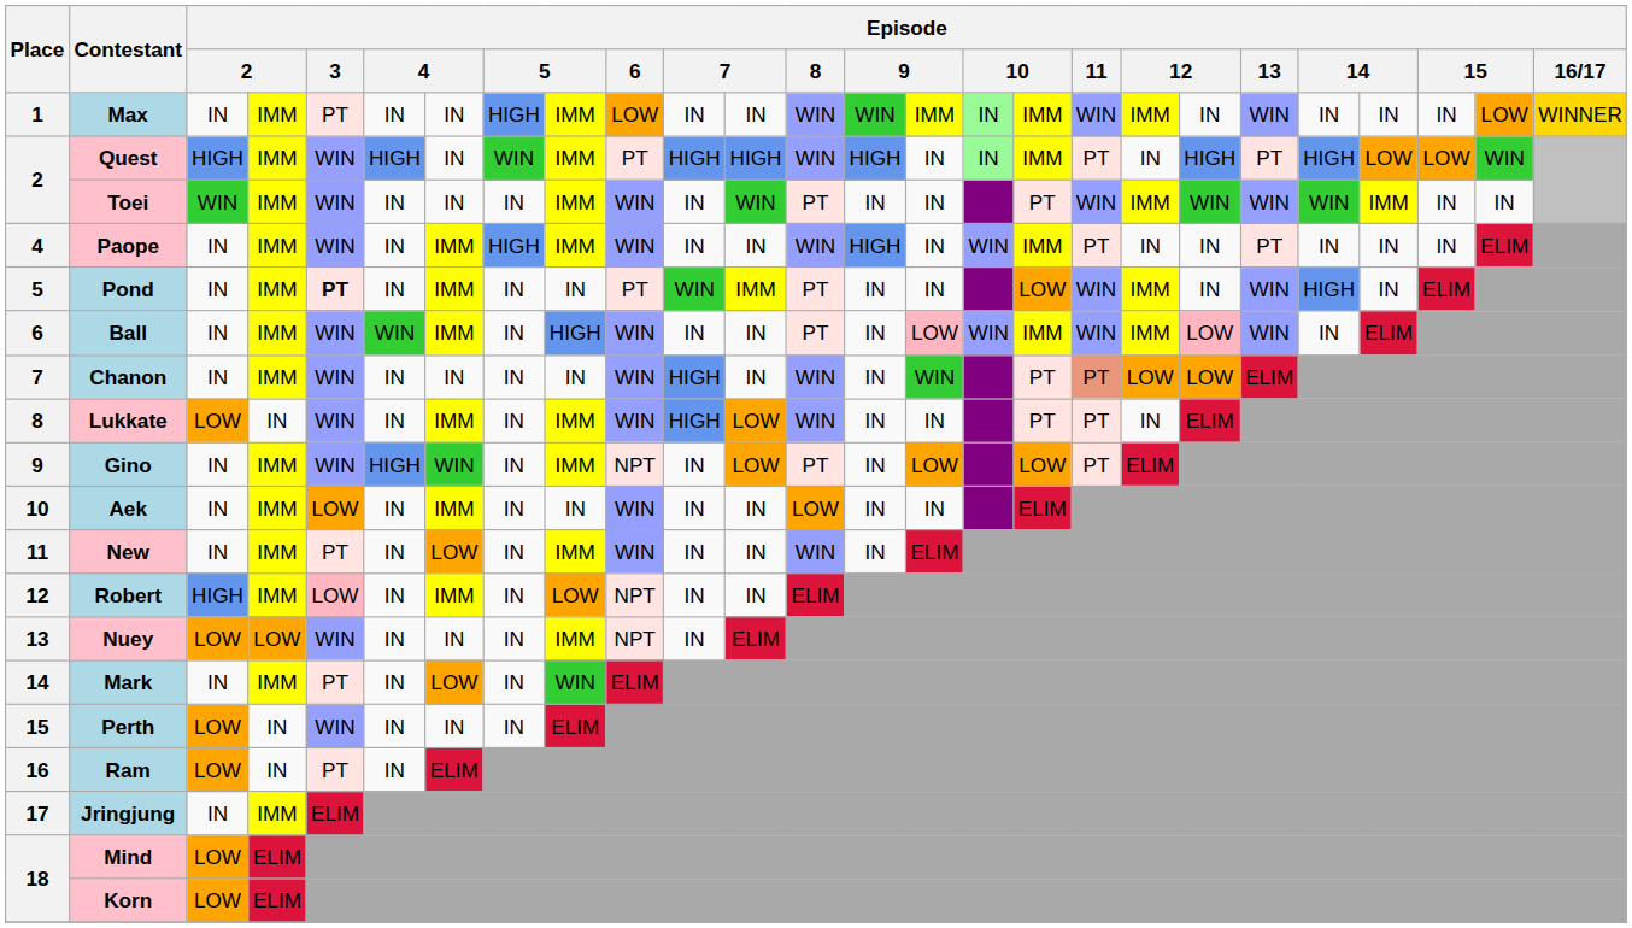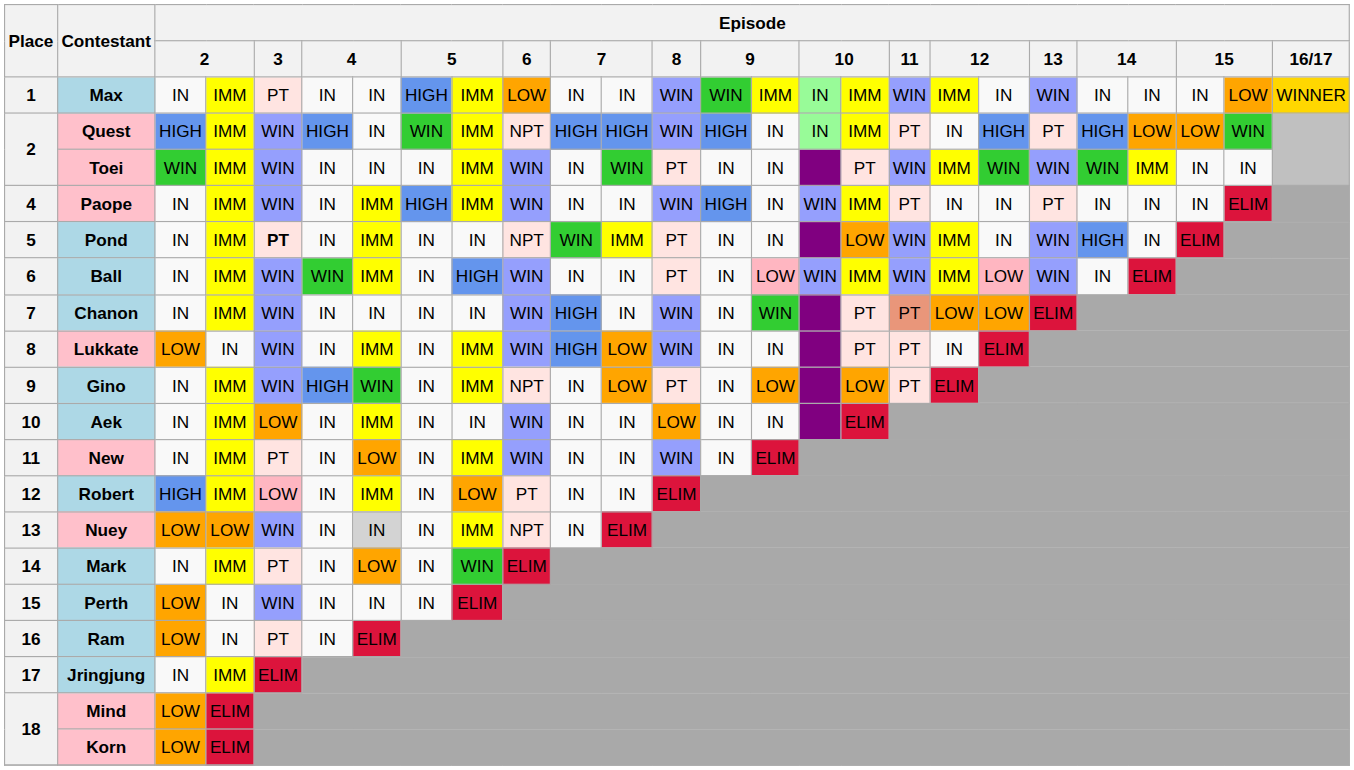 <table class="wikitable" style="text-align: center; font-size:95%; line-height:25px;">
 <tr>
 <th rowspan="2">Place</th>
 <th rowspan=2>Contestant</th>
 <th colspan="30">Episode</th>
 </tr>
 <tr>
 <th colspan=2>2</th>
 <th colspan=1>3</th>
 <th colspan=2>4</th>
 <th colspan=2>5</th>
 <th colspan=1>6</th>
 <th colspan=2>7</th>
 <th colspan=1>8</th>
 <th colspan=2>9</th>
 <th colspan=2>10</th>
 <th colspan=1>11</th>
 <th colspan=2>12</th>
 <th colspan=1>13</th>
 <th colspan=2>14</th>
 <th colspan=2>15</th>
 <th colspan=1>16/17</th>
 </tr>
 <tr>
 <th>1</th>
 <th style="background:lightblue;">Max</th>
 <td>IN</td>
 <td style="background:yellow;">IMM</td>
 <td style="background:mistyrose;">PT</td>
 <td>IN</td>
 <td>IN</td>
 <td style="background:cornflowerblue;">HIGH</td>
 <td style="background:yellow;">IMM</td>
 <td style="background:orange;">LOW</td>
 <td>IN</td>
 <td>IN</td>
 <td style="background:#959FFD;">WIN</td>
 <td style="background:limegreen;">WIN</td>
 <td style="background:yellow;">IMM</td>
 <td style="background:palegreen;">IN</td>
 <td style="background:yellow;">IMM</td>
 <td style="background:#959FFD;">WIN</td>
 <td style="background:yellow;">IMM</td>
 <td>IN</td>
 <td style="background:#959FFD;">WIN</td>
 <td>IN</td>
 <td>IN</td>
 <td>IN</td>
 <td style="background:orange;">LOW</td>
 <td bgcolor="gold">WINNER</td>
 </tr>
 <tr>
 <th rowspan=2>2</th>
 <th style="background:pink;">Quest</th>
 <td style="background:cornflowerblue;">HIGH</td>
 <td style="background:yellow;">IMM</td>
 <td style="background:#959FFD;">WIN</td>
 <td style="background:cornflowerblue;">HIGH</td>
 <td>IN</td>
 <td style="background:limegreen;">WIN</td>
 <td style="background:yellow;">IMM</td>
-<td style="background:mistyrose;">PT</td>
+<td style="background:mistyrose;">NPT</td>
 <td style="background:cornflowerblue;">HIGH</td>
 <td style="background:cornflowerblue;">HIGH</td>
 <td style="background:#959FFD;">WIN</td>
 <td style="background:cornflowerblue;">HIGH</td>
 <td>IN</td>
 <td style="background:palegreen;">IN</td>
 <td style="background:yellow;">IMM</td>
 <td style="background:mistyrose;">PT</td>
 <td>IN</td>
 <td style="background:cornflowerblue;">HIGH</td>
 <td style="background:mistyrose;">PT</td>
 <td style="background:cornflowerblue;">HIGH</td>
 <td style="background:orange;">LOW</td>
 <td style="background:orange;">LOW</td>
 <td style="background:limegreen;">WIN</td>
 <td rowspan=2 bgcolor="silver"></td>
 </tr>
 <tr>
 <th style="background:pink;">Toei</th>
 <td style="background:limegreen;">WIN</td>
 <td style="background:yellow;">IMM</td>
 <td style="background:#959FFD;">WIN</td>
 <td>IN</td>
 <td>IN</td>
 <td>IN</td>
 <td style="background:yellow;">IMM</td>
 <td style="background:#959FFD;">WIN</td>
 <td>IN</td>
 <td style="background:limegreen;">WIN</td>
 <td style="background:mistyrose;">PT</td>
 <td>IN</td>
 <td>IN</td>
 <td style="background:purple;"></td>
 <td style="background:mistyrose;">PT</td>
 <td style="background:#959FFD;">WIN</td>
 <td style="background:yellow;">IMM</td>
 <td style="background:limegreen;">WIN</td>
 <td style="background:#959FFD;">WIN</td>
 <td style="background:limegreen;">WIN</td>
 <td style="background:yellow;">IMM</td>
 <td>IN</td>
 <td style="background:">IN</td>
 </tr>
 <tr>
 <th>4</th>
 <th style="background:pink;">Paope</th>
 <td>IN</td>
 <td style="background:yellow;">IMM</td>
 <td style="background:#959FFD;">WIN</td>
 <td>IN</td>
 <td style="background:yellow;">IMM</td>
 <td style="background:cornflowerblue;">HIGH</td>
 <td style="background:yellow;">IMM</td>
 <td style="background:#959FFD;">WIN</td>
 <td>IN</td>
 <td>IN</td>
 <td style="background:#959FFD;">WIN</td>
 <td style="background:cornflowerblue;">HIGH</td>
 <td>IN</td>
 <td style="background:#959FFD;">WIN</td>
 <td style="background:yellow;">IMM</td>
 <td style="background:mistyrose;">PT</td>
 <td>IN</td>
 <td>IN</td>
 <td style="background:mistyrose;">PT</td>
 <td>IN</td>
 <td>IN</td>
 <td>IN</td>
 <td style="background:crimson;">ELIM</td>
 <td colspan="99" style="background:darkgrey;"></td>
 </tr>
 <tr>
 <th>5</th>
 <th style="background:lightblue;">Pond</th>
 <td>IN</td>
 <td style="background:yellow;">IMM</td>
 <td style="background:mistyrose;"><strong>PT</strong></td>
 <td>IN</td>
 <td style="background:yellow;">IMM</td>
 <td>IN</td>
 <td>IN</td>
-<td style="background:mistyrose;">PT</td>
+<td style="background:mistyrose;">NPT</td>
 <td style="background:limegreen;">WIN</td>
 <td style="background:yellow;">IMM</td>
 <td style="background:mistyrose;">PT</td>
 <td>IN</td>
 <td>IN</td>
 <td style="background:purple;"></td>
 <td style="background:orange;">LOW</td>
 <td style="background:#959FFD;">WIN</td>
 <td style="background:yellow;">IMM</td>
 <td>IN</td>
 <td style="background:#959FFD;">WIN</td>
 <td style="background:cornflowerblue;">HIGH</td>
 <td>IN</td>
 <td style="background:crimson;">ELIM</td>
 <td colspan="99" style="background:darkgrey;"></td>
 </tr>
 <tr>
 <th>6</th>
 <th style="background:lightblue;">Ball</th>
 <td>IN</td>
 <td style="background:yellow;">IMM</td>
 <td style="background:#959FFD;">WIN</td>
 <td style="background:limegreen;">WIN</td>
 <td style="background:yellow;">IMM</td>
 <td>IN</td>
 <td style="background:cornflowerblue;">HIGH</td>
 <td style="background:#959FFD;">WIN</td>
 <td>IN</td>
 <td>IN</td>
 <td style="background:mistyrose;">PT</td>
 <td>IN</td>
 <td style="background:lightpink;">LOW</td>
 <td style="background:#959FFD;">WIN</td>
 <td style="background:yellow;">IMM</td>
 <td style="background:#959FFD;">WIN</td>
 <td style="background:yellow;">IMM</td>
 <td style="background:lightpink;">LOW</td>
 <td style="background:#959FFD;">WIN</td>
 <td>IN</td>
 <td style="background:crimson;">ELIM</td>
 <td colspan="99" style="background:darkgrey;"></td>
 </tr>
 <tr>
 <th>7</th>
 <th style="background:lightblue;">Chanon</th>
 <td>IN</td>
 <td style="background:yellow;">IMM</td>
 <td style="background:#959FFD;">WIN</td>
 <td>IN</td>
 <td>IN</td>
 <td>IN</td>
 <td>IN</td>
 <td style="background:#959FFD;">WIN</td>
 <td style="background:cornflowerblue;">HIGH</td>
 <td>IN</td>
 <td style="background:#959FFD;">WIN</td>
 <td>IN</td>
 <td style="background:limegreen;">WIN</td>
 <td style="background:purple;"></td>
 <td style="background:mistyrose;">PT</td>
 <td style="background:darksalmon;">PT</td>
 <td style="background:orange;">LOW</td>
 <td style="background:orange;">LOW</td>
 <td style="background:crimson;">ELIM</td>
 <td colspan="99" style="background:darkgrey;"></td>
 </tr>
 <tr>
 <th>8</th>
 <th style="background:pink;">Lukkate</th>
 <td style="background:orange;">LOW</td>
 <td>IN</td>
 <td style="background:#959FFD;">WIN</td>
 <td>IN</td>
 <td style="background:yellow;">IMM</td>
 <td>IN</td>
 <td style="background:yellow;">IMM</td>
 <td style="background:#959FFD;">WIN</td>
 <td style="background:cornflowerblue;">HIGH</td>
 <td style="background:orange;">LOW</td>
 <td style="background:#959FFD;">WIN</td>
 <td>IN</td>
 <td>IN</td>
 <td style="background:purple;"></td>
 <td style="background:mistyrose;">PT</td>
 <td style="background:mistyrose;">PT</td>
 <td>IN</td>
 <td style="background:crimson;">ELIM</td>
 <td colspan="99" style="background:darkgrey;"></td>
 </tr>
 <tr>
 <th>9</th>
 <th style="background:lightblue;">Gino</th>
 <td>IN</td>
 <td style="background:yellow;">IMM</td>
 <td style="background:#959FFD;">WIN</td>
 <td style="background:cornflowerblue;">HIGH</td>
 <td style="background:limegreen;">WIN</td>
 <td>IN</td>
 <td style="background:yellow;">IMM</td>
 <td style="background:mistyrose;">NPT</td>
 <td>IN</td>
 <td style="background:orange;">LOW</td>
 <td style="background:mistyrose;">PT</td>
 <td>IN</td>
 <td style="background:orange;">LOW</td>
 <td style="background:purple;"></td>
 <td style="background:orange;">LOW</td>
 <td style="background:mistyrose;">PT</td>
 <td style="background:crimson;">ELIM</td>
 <td colspan="99" style="background:darkgrey;"></td>
 </tr>
 <tr>
 <th>10</th>
 <th style="background:lightblue;">Aek</th>
 <td>IN</td>
 <td style="background:yellow;">IMM</td>
 <td style="background:orange;">LOW</td>
 <td>IN</td>
 <td style="background:yellow;">IMM</td>
 <td>IN</td>
 <td>IN</td>
 <td style="background:#959FFD;">WIN</td>
 <td>IN</td>
 <td>IN</td>
 <td style="background:orange;">LOW</td>
 <td>IN</td>
 <td>IN</td>
 <td style="background:purple;"></td>
 <td style="background:crimson;">ELIM</td>
 <td colspan="99" style="background:darkgrey;"></td>
 </tr>
 <tr>
 <th>11</th>
 <th style="background:pink;">New</th>
 <td>IN</td>
 <td style="background:yellow;">IMM</td>
 <td style="background:mistyrose;">PT</td>
 <td>IN</td>
 <td style="background:orange;">LOW</td>
 <td>IN</td>
 <td style="background:yellow;">IMM</td>
 <td style="background:#959FFD;">WIN</td>
 <td>IN</td>
 <td>IN</td>
 <td style="background:#959FFD;">WIN</td>
 <td>IN</td>
 <td style="background:crimson;">ELIM</td>
 <td colspan="99" style="background:darkgrey;"></td>
 </tr>
 <tr>
 <th>12</th>
 <th style="background:lightblue;">Robert</th>
 <td style="background:cornflowerblue;">HIGH</td>
 <td style="background:yellow;">IMM</td>
 <td style="background:lightpink;">LOW</td>
 <td>IN</td>
 <td style="background:yellow;">IMM</td>
 <td>IN</td>
 <td style="background:orange;">LOW</td>
-<td style="background:mistyrose;">NPT</td>
+<td style="background:mistyrose;">PT</td>
 <td>IN</td>
 <td>IN</td>
 <td style="background:crimson;">ELIM</td>
 <td colspan="99" style="background:darkgrey;"></td>
 </tr>
 <tr>
 <th>13</th>
 <th style="background:pink;">Nuey</th>
 <td style="background:orange;">LOW</td>
 <td style="background:orange;">LOW</td>
 <td style="background:#959FFD;">WIN</td>
 <td>IN</td>
-<td>IN</td>
+<td style="background: lightgrey;">IN</td>
 <td>IN</td>
 <td style="background:yellow;">IMM</td>
 <td style="background:mistyrose;">NPT</td>
 <td>IN</td>
 <td style="background:crimson;">ELIM</td>
 <td colspan="99" style="background:darkgrey;"></td>
 </tr>
 <tr>
 <th>14</th>
 <th style="background:lightblue;">Mark</th>
 <td>IN</td>
 <td style="background:yellow;">IMM</td>
 <td style="background:mistyrose;">PT</td>
 <td>IN</td>
 <td style="background:orange;">LOW</td>
 <td>IN</td>
 <td style="background:limegreen;">WIN</td>
 <td style="background:crimson;">ELIM</td>
 <td colspan="99" style="background:darkgrey;"></td>
 </tr>
 <tr>
 <th>15</th>
 <th style="background:lightblue;">Perth</th>
 <td style="background:orange;">LOW</td>
 <td>IN</td>
 <td style="background:#959FFD;">WIN</td>
 <td>IN</td>
 <td>IN</td>
 <td>IN</td>
 <td style="background:crimson;">ELIM</td>
 <td colspan="99" style="background:darkgrey;"></td>
 </tr>
 <tr>
 <th>16</th>
 <th style="background:lightblue;">Ram</th>
 <td style="background:orange;">LOW</td>
 <td>IN</td>
 <td style="background:mistyrose;">PT</td>
 <td>IN</td>
 <td style="background:crimson;">ELIM</td>
 <td colspan=99 style="background:darkgrey;"></td>
 </tr>
 <tr>
 <th>17</th>
 <th style="background:lightblue;">Jringjung</th>
 <td>IN</td>
 <td style="background:yellow;">IMM</td>
 <td style="background:crimson;">ELIM</td>
 <td colspan=99 style="background:darkgrey;"></td>
 </tr>
 <tr>
 <th rowspan=2>18</th>
 <th style="background:pink;">Mind</th>
 <td style="background:orange;">LOW</td>
 <td style="background:crimson;">ELIM</td>
 <td colspan=99 style="background:darkgrey;"></td>
 </tr>
 <tr>
 <th style="background:pink;">Korn</th>
 <td style="background:orange;">LOW</td>
 <td style="background:crimson;">ELIM</td>
 <td colspan=99 style="background:darkgrey;"></td>
 </tr>
 <tr>
 </tr>
 </table>
